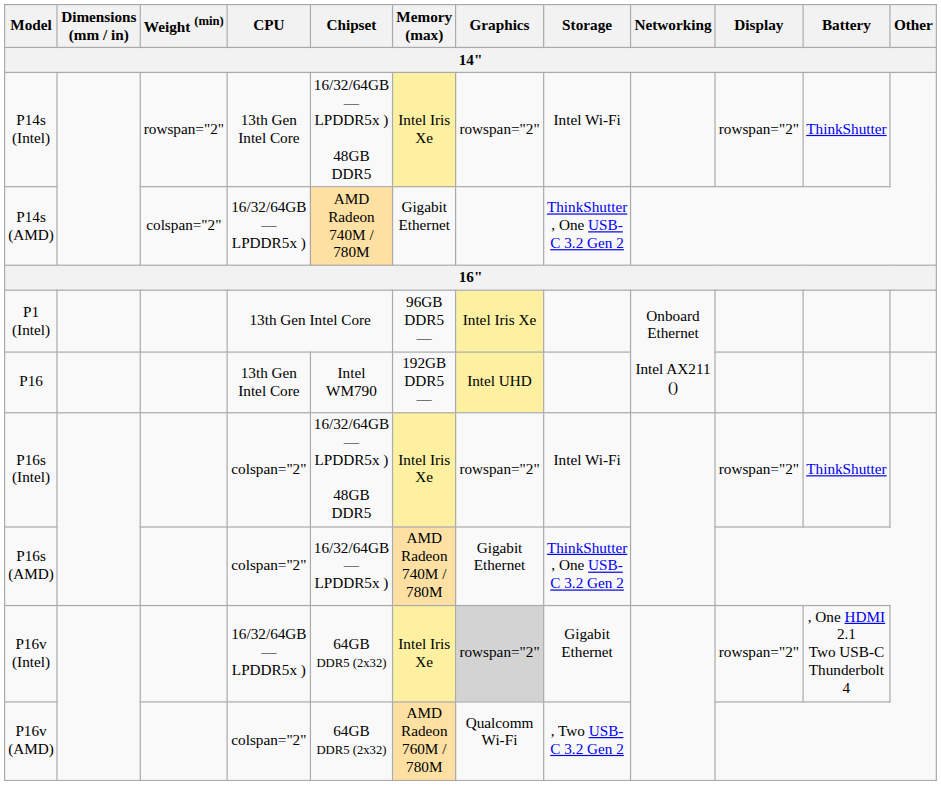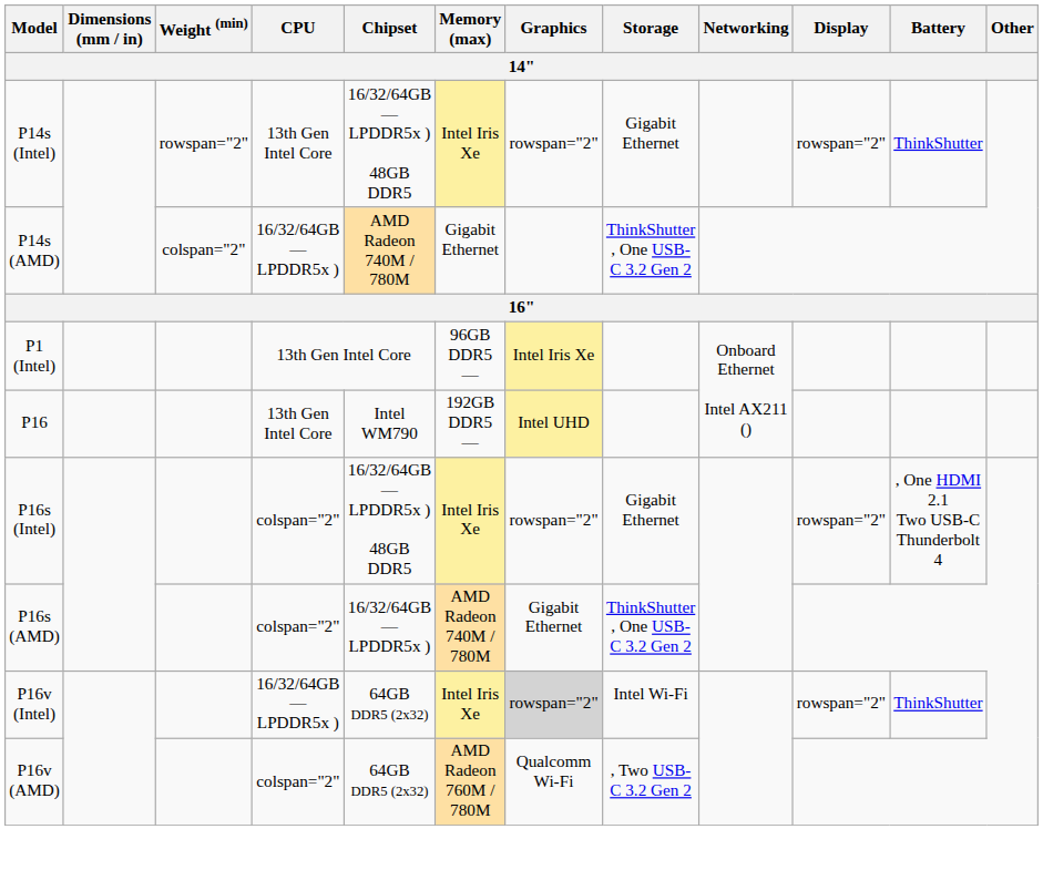 <table class="wikitable" style="font-size: 80%; text-align: center; min-width: 100%;">
 <tr>
 <th>Model</th>
 <th>Dimensions (mm / in)</th>
 <th>Weight <sup>(min)</sup></th>
 <th>CPU</th>
 <th>Chipset</th>
 <th>Memory (max)</th>
 <th>Graphics</th>
 <th>Storage</th>
 <th>Networking</th>
 <th>Display</th>
 <th>Battery</th>
 <th>Other</th>
 </tr>
 <tr>
 <th colspan="12">14"</th>
 </tr>
 <tr>
 <td>P14s  (Intel)</td>
 <td rowspan="2"></td>
 <td>rowspan="2" </td>
 <td style="background:">13th Gen Intel Core<br></td>
 <td style="background:">16/32/64GB — LPDDR5x ) <br><br>48GB DDR5  </td>
 <td style="background:#fdf1a1;">Intel Iris Xe<br></td>
 <td>rowspan="2" </td>
-<td>Intel Wi-Fi<br><br><small></small></td>
+<td>Gigabit Ethernet<br> <br><small></small></td>
 <td style="background:"> <br>         </td>
 <td>rowspan="2" </td>
 <td><a href='#'>ThinkShutter</a><br></td>
 </tr>
 <tr>
 <td>P14s  (AMD)</td>
 <td>colspan="2" </td>
 <td style="background:">16/32/64GB — LPDDR5x )</td>
 <td style="background:#fee0a3;">AMD Radeon 740M / 780M</td>
 <td>Gigabit Ethernet<br><br><small></small></td>
 <td style="background:"> <br>       </td>
 <td><a href='#'>ThinkShutter</a><br>, One <a href='#'>USB-C 3.2 Gen 2</a> </td>
 </tr>
 <tr>
 <th colspan="12">16"</th>
 </tr>
 <tr>
 <td>P1  (Intel)</td>
 <td></td>
 <td></td>
 <td colspan="2" style="background:">13th Gen Intel Core<br></td>
 <td style="background:">96GB DDR5 — <br></td>
 <td style="background:#fdf1a1;">Intel Iris Xe<br></td>
 <td></td>
 <td rowspan="2"> Onboard Ethernet<br><br>Intel  AX211<br> ()<br><small></small></td>
 <td style="background:"> <br>   </td>
 <td></td>
 <td></td>
 </tr>
 <tr>
 <td>P16 </td>
 <td></td>
 <td></td>
 <td style="background:">13th Gen Intel Core<br></td>
 <td>Intel<br>WM790</td>
 <td style="background:">192GB DDR5 — <br></td>
 <td style="background:#fdf1a1;">Intel UHD<br></td>
 <td></td>
 <td style="background:"> <br>     </td>
 <td></td>
 <td></td>
 </tr>
 <tr>
 <td>P16s  (Intel)</td>
 <td rowspan="2"></td>
 <td></td>
 <td>colspan="2" </td>
 <td style="background:">16/32/64GB — LPDDR5x ) <br><br>48GB DDR5  </td>
 <td style="background:#fdf1a1;">Intel Iris Xe<br></td>
 <td>rowspan="2" </td>
-<td>Intel Wi-Fi<br><br><small></small></td>
+<td>Gigabit Ethernet<br> <br><small></small></td>
 <td rowspan="2" style="background:"> <br>     </td>
 <td>rowspan="2" </td>
-<td><a href='#'>ThinkShutter</a><br></td>
+<td>, One <a href='#'>HDMI</a> 2.1<br>Two USB-C<br>Thunderbolt 4</td>
 </tr>
 <tr>
 <td>P16s  (AMD)</td>
 <td></td>
 <td>colspan="2" </td>
 <td style="background:">16/32/64GB — LPDDR5x )</td>
 <td style="background:#fee0a3;">AMD Radeon 740M / 780M</td>
 <td>Gigabit Ethernet<br><br><small></small></td>
 <td><a href='#'>ThinkShutter</a><br>, One <a href='#'>USB-C 3.2 Gen 2</a> </td>
 </tr>
 <tr>
 <td>P16v  (Intel)</td>
 <td rowspan="2"></td>
 <td></td>
 <td style="background:">16/32/64GB — LPDDR5x )</td>
 <td style="background:">64GB<br><small>DDR5 (2x32)</small> </td>
 <td style="background:#fdf1a1;">Intel Iris Xe<br></td>
 <td style="background: lightgrey;">rowspan="2" </td>
-<td>Gigabit Ethernet<br> <br><small></small></td>
+<td>Intel Wi-Fi<br><br><small></small></td>
 <td rowspan="2" style="background:"> <br>   </td>
 <td>rowspan="2" </td>
-<td>, One <a href='#'>HDMI</a> 2.1<br>Two USB-C<br>Thunderbolt 4</td>
+<td><a href='#'>ThinkShutter</a><br></td>
 </tr>
 <tr>
 <td>P16v  (AMD)</td>
 <td></td>
 <td>colspan="2" </td>
 <td style="background:">64GB<br><small>DDR5 (2x32)</small> </td>
 <td style="background:#fee0a3;">AMD Radeon 760M / 780M<br></td>
 <td>Qualcomm Wi-Fi<br><br><small></small></td>
 <td>, Two <a href='#'>USB-C 3.2 Gen 2</a> </td>
 </tr>
 </table>
